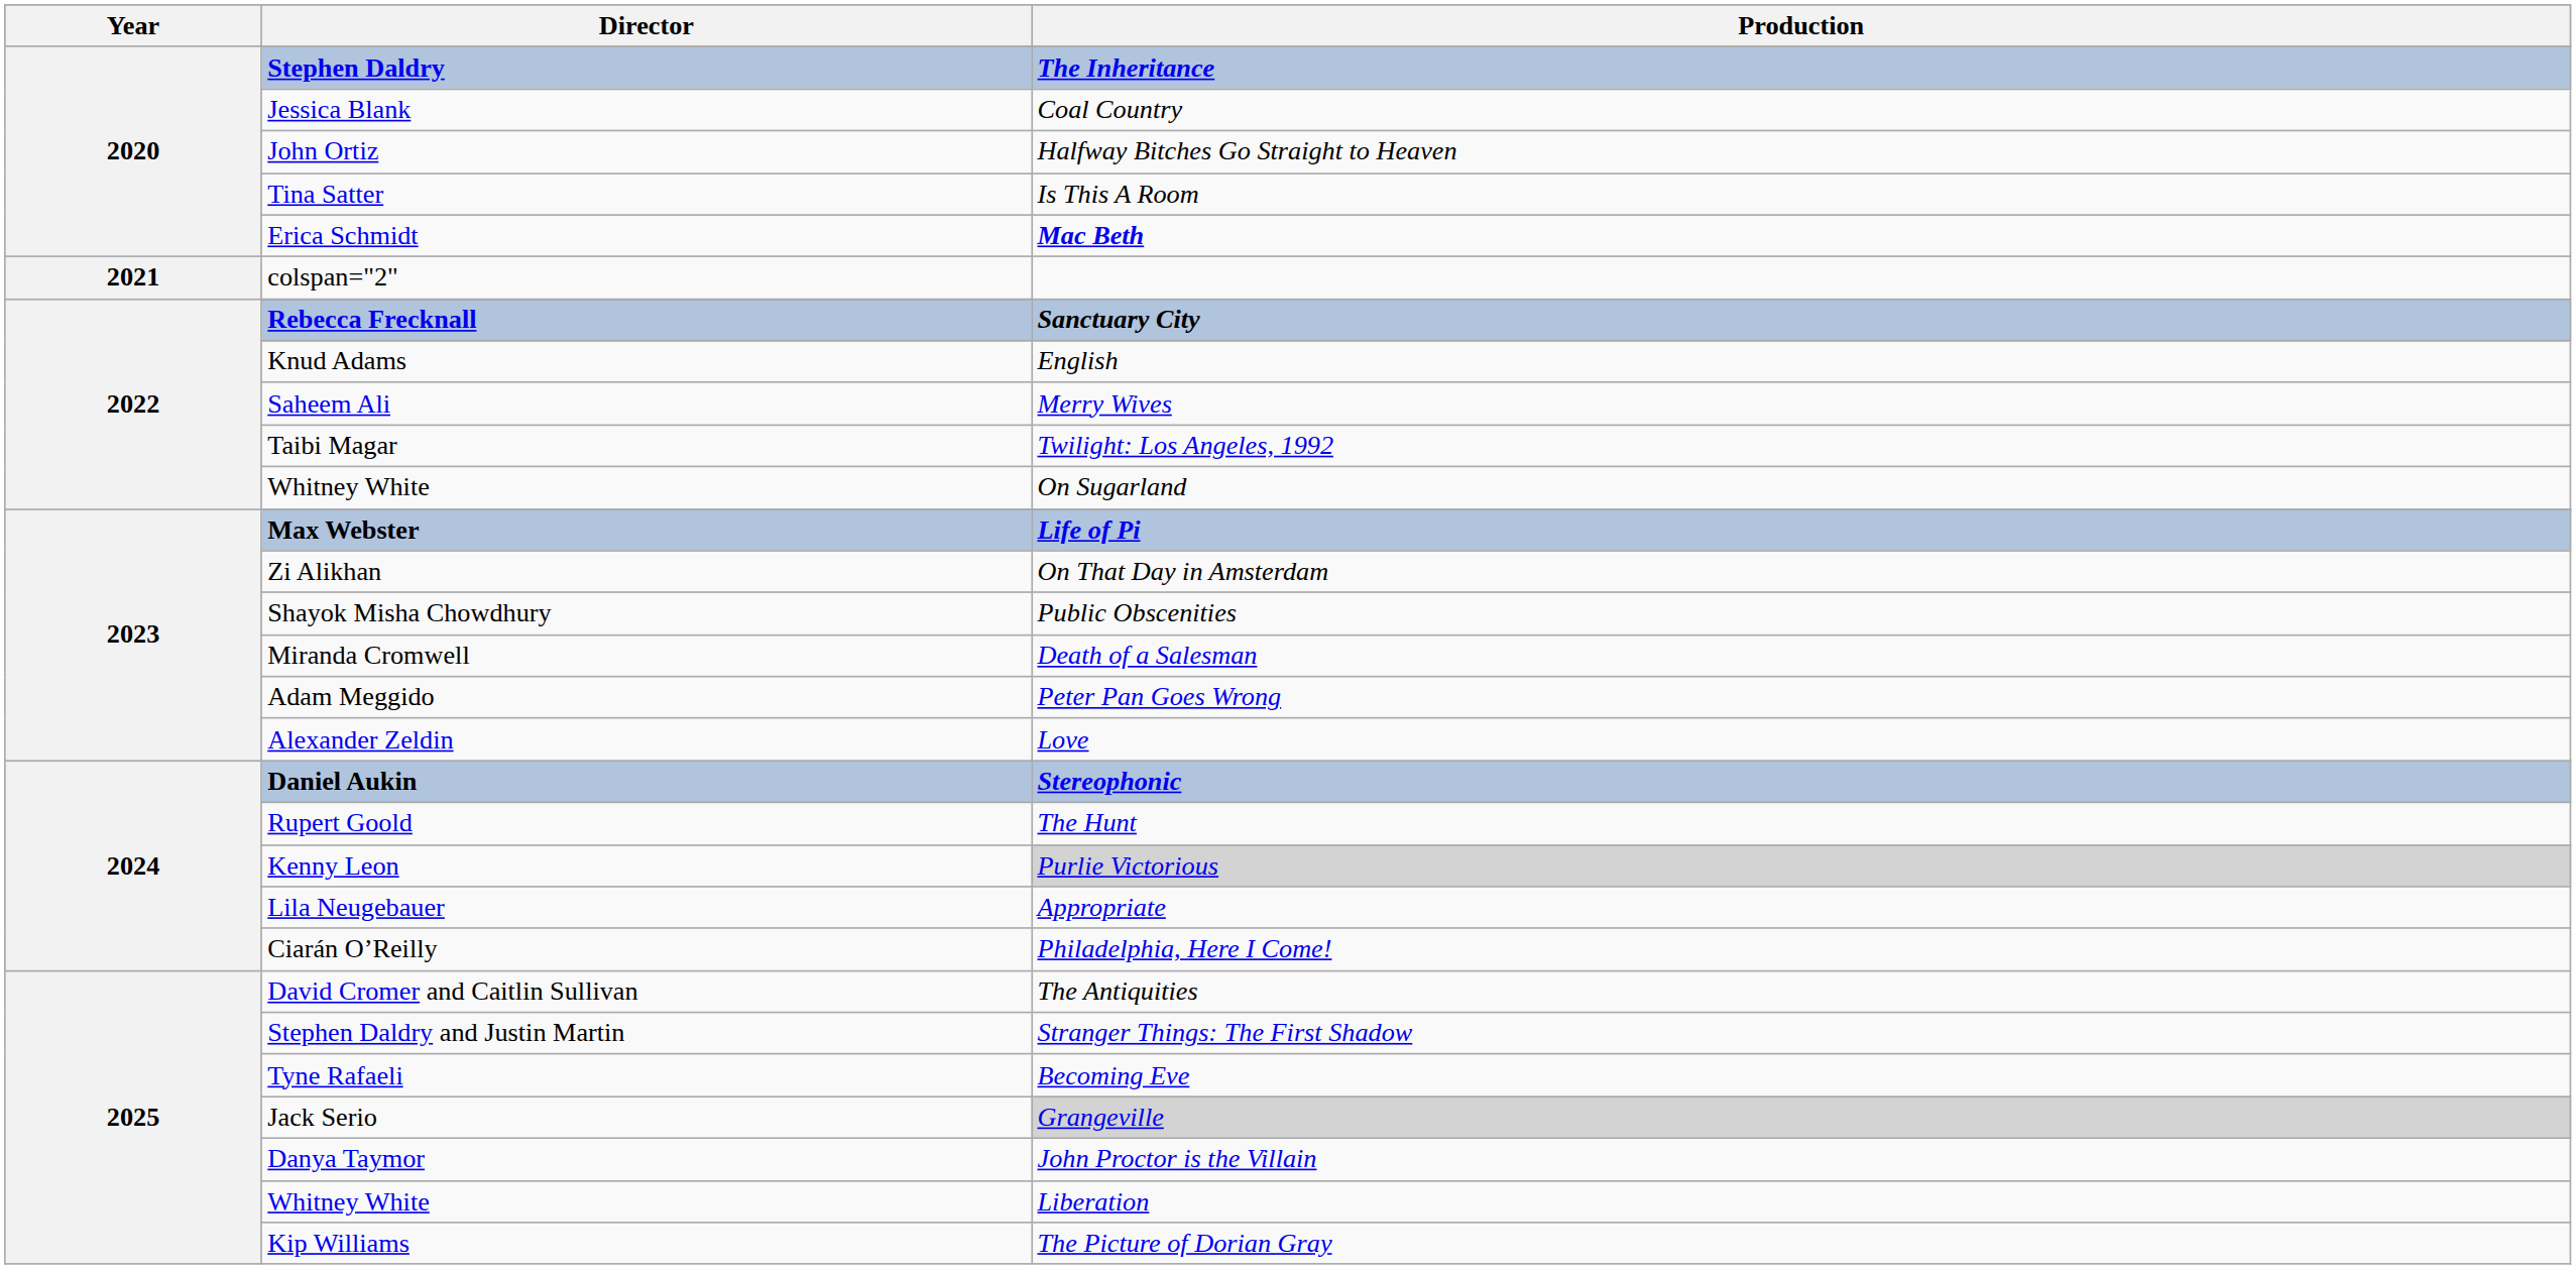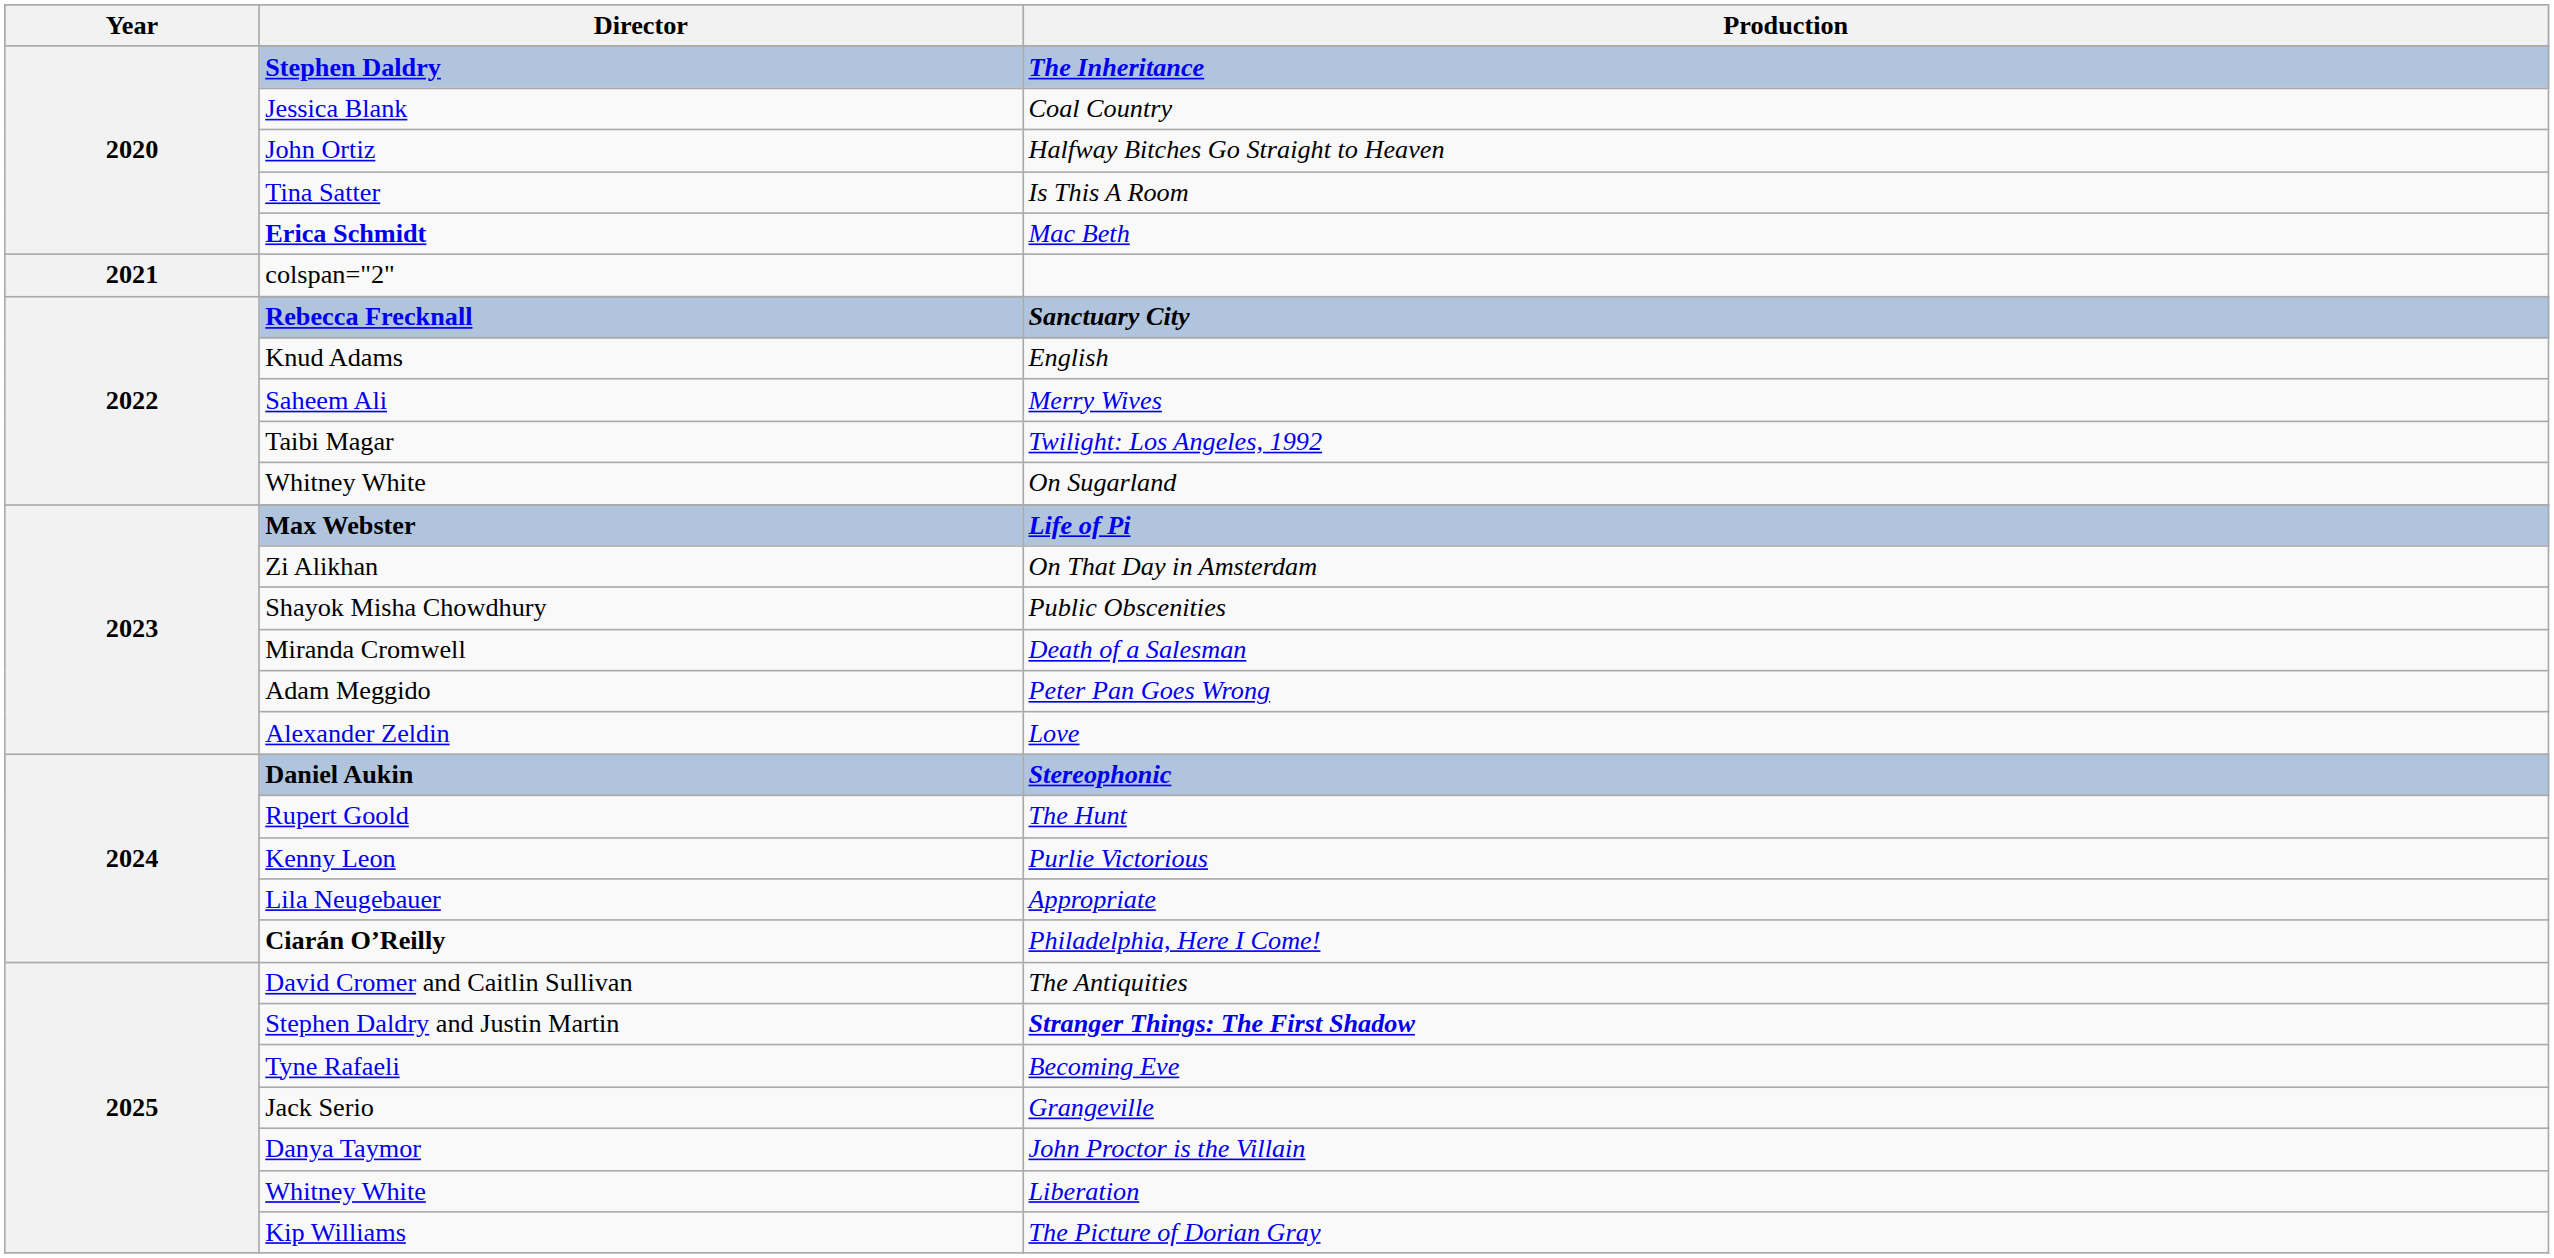 <table class="wikitable" style="width:98%;">
 <tr style="background:#bebebe;">
 <th style="width:10%;">Year</th>
 <th style="width:30%;">Director</th>
 <th style="width:60%;">Production</th>
 </tr>
 <tr>
 <th rowspan="6" align="center">2020</th>
 </tr>
 <tr style="background:#B0C4DE">
 <td><strong><a href='#'>Stephen Daldry</a></strong></td>
 <td><strong><em><a href='#'>The Inheritance</a></em></strong></td>
 </tr>
 <tr>
 <td><a href='#'>Jessica Blank</a></td>
 <td><em>Coal Country</em></td>
 </tr>
 <tr>
 <td><a href='#'>John Ortiz</a></td>
 <td><em>Halfway Bitches Go Straight to Heaven</em></td>
 </tr>
 <tr>
 <td><a href='#'>Tina Satter</a></td>
 <td><em>Is This A Room</em></td>
 </tr>
 <tr>
-<td><a href='#'>Erica Schmidt</a></td>
-<td><strong><em><a href='#'>Mac Beth</a></em></strong></td>
+<td><strong><a href='#'>Erica Schmidt</a></strong></td>
+<td><em><a href='#'>Mac Beth</a></em></td>
 </tr>
 <tr>
 <th>2021</th>
 <td>colspan="2" </td>
 </tr>
 <tr>
 <th rowspan="6" align="center">2022</th>
 </tr>
 <tr style="background:#B0C4DE">
 <td><strong><a href='#'>Rebecca Frecknall</a></strong></td>
 <td><strong><em>Sanctuary City</em></strong></td>
 </tr>
 <tr>
 <td>Knud Adams</td>
 <td><em>English</em></td>
 </tr>
 <tr>
 <td><a href='#'>Saheem Ali</a></td>
 <td><em><a href='#'>Merry Wives</a></em></td>
 </tr>
 <tr>
 <td>Taibi Magar</td>
 <td><em><a href='#'>Twilight: Los Angeles, 1992</a></em></td>
 </tr>
 <tr>
 <td>Whitney White</td>
 <td><em>On Sugarland</em></td>
 </tr>
 <tr>
 <th rowspan="7" align="center">2023</th>
 </tr>
 <tr style="background:#B0C4DE">
 <td><strong>Max Webster</strong></td>
 <td><strong><em><a href='#'>Life of Pi</a></em></strong></td>
 </tr>
 <tr>
 <td>Zi Alikhan</td>
 <td><em>On That Day in Amsterdam</em></td>
 </tr>
 <tr>
 <td>Shayok Misha Chowdhury</td>
 <td><em>Public Obscenities</em></td>
 </tr>
 <tr>
 <td>Miranda Cromwell</td>
 <td><em><a href='#'>Death of a Salesman</a></em></td>
 </tr>
 <tr>
 <td>Adam Meggido</td>
 <td><em><a href='#'>Peter Pan Goes Wrong</a></em></td>
 </tr>
 <tr>
 <td><a href='#'>Alexander Zeldin</a></td>
 <td><em><a href='#'>Love</a></em></td>
 </tr>
 <tr style="background:#B0C4DE">
 <th rowspan="5" align="center">2024</th>
 <td><strong>Daniel Aukin</strong></td>
 <td><strong><em><a href='#'>Stereophonic</a></em></strong></td>
 </tr>
 <tr>
 <td><a href='#'>Rupert Goold</a></td>
 <td><em><a href='#'>The Hunt</a></em></td>
 </tr>
 <tr>
 <td><a href='#'>Kenny Leon</a></td>
-<td style="background: lightgrey;"><em><a href='#'>Purlie Victorious</a></em></td>
+<td><em><a href='#'>Purlie Victorious</a></em></td>
 </tr>
 <tr>
 <td><a href='#'>Lila Neugebauer</a></td>
 <td><em><a href='#'>Appropriate</a></em></td>
 </tr>
 <tr>
-<td>Ciarán O’Reilly</td>
+<td><strong>Ciarán O’Reilly</strong></td>
 <td><em><a href='#'>Philadelphia, Here I Come!</a></em></td>
 </tr>
 <tr>
 <th rowspan=7>2025</th>
 <td><a href='#'>David Cromer</a> and Caitlin Sullivan</td>
 <td><em>The Antiquities</em></td>
 </tr>
 <tr>
 <td><a href='#'>Stephen Daldry</a> and Justin Martin</td>
-<td><em><a href='#'>Stranger Things: The First Shadow</a></em></td>
+<td><strong><em><a href='#'>Stranger Things: The First Shadow</a></em></strong></td>
 </tr>
 <tr>
 <td><a href='#'>Tyne Rafaeli</a></td>
 <td><em><a href='#'>Becoming Eve</a></em></td>
 </tr>
 <tr>
 <td>Jack Serio</td>
-<td style="background: lightgrey;"><em><a href='#'>Grangeville</a></em></td>
+<td><em><a href='#'>Grangeville</a></em></td>
 </tr>
 <tr>
 <td><a href='#'>Danya Taymor</a></td>
 <td><em><a href='#'>John Proctor is the Villain</a></em></td>
 </tr>
 <tr>
 <td><a href='#'>Whitney White</a></td>
 <td><em><a href='#'>Liberation</a></em></td>
 </tr>
 <tr>
 <td><a href='#'>Kip Williams</a></td>
 <td><em><a href='#'>The Picture of Dorian Gray</a></em></td>
 </tr>
 </table>
